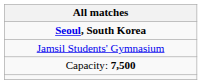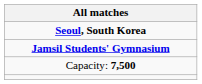 <table class="wikitable" style="text-align:center" width=280>
 <tr>
 <th>All matches</th>
 </tr>
 <tr>
 <td><strong><a href='#'>Seoul</a>, South Korea</strong></td>
 </tr>
 <tr>
-<td><a href='#'>Jamsil Students' Gymnasium</a></td>
+<td><strong><a href='#'>Jamsil Students' Gymnasium</a></strong></td>
 </tr>
 <tr>
 <td>Capacity: <strong>7,500</strong></td>
 </tr>
 <tr>
 <td></td>
 </tr>
 </table>
